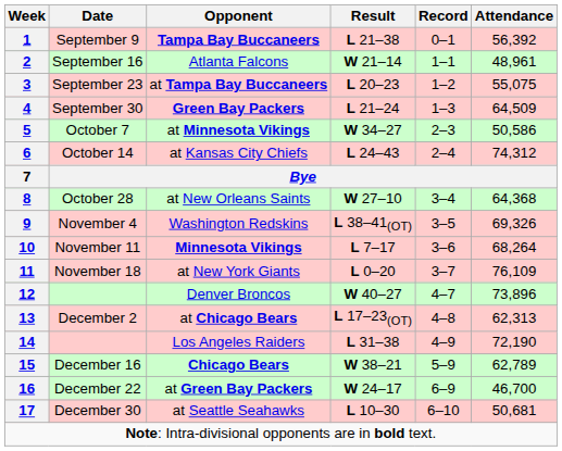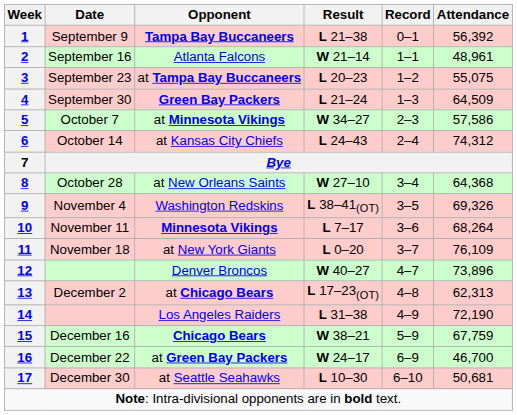 <table class="wikitable"  style="text-align: center;">
 <tr>
 <th>Week</th>
 <th>Date</th>
 <th>Opponent</th>
 <th>Result</th>
 <th>Record</th>
 <th>Attendance</th>
 </tr>
 <tr style="background: #ffcccc;">
 <th><a href='#'>1</a></th>
 <td>September 9</td>
 <td><strong><a href='#'>Tampa Bay Buccaneers</a></strong></td>
 <td><strong>L</strong> 21–38</td>
 <td>0–1</td>
 <td>56,392</td>
 </tr>
 <tr style="background: #ccffcc;">
 <th><a href='#'>2</a></th>
 <td>September 16</td>
 <td><a href='#'>Atlanta Falcons</a></td>
 <td><strong>W</strong> 21–14</td>
 <td>1–1</td>
 <td>48,961</td>
 </tr>
 <tr style="background: #ffcccc;">
 <th><a href='#'>3</a></th>
 <td>September 23</td>
 <td>at <strong><a href='#'>Tampa Bay Buccaneers</a></strong></td>
 <td><strong>L</strong> 20–23</td>
 <td>1–2</td>
 <td>55,075</td>
 </tr>
 <tr style="background: #ffcccc;">
 <th><a href='#'>4</a></th>
 <td>September 30</td>
 <td><strong><a href='#'>Green Bay Packers</a></strong></td>
 <td><strong>L</strong> 21–24</td>
 <td>1–3</td>
 <td>64,509</td>
 </tr>
 <tr style="background: #ccffcc;">
 <th><a href='#'>5</a></th>
 <td>October 7</td>
 <td>at <strong><a href='#'>Minnesota Vikings</a></strong></td>
 <td><strong>W</strong> 34–27</td>
 <td>2–3</td>
-<td>50,586</td>
+<td>57,586</td>
 </tr>
 <tr style="background: #ffcccc;">
 <th><a href='#'>6</a></th>
 <td>October 14</td>
 <td>at <a href='#'>Kansas City Chiefs</a></td>
 <td><strong>L</strong> 24–43</td>
 <td>2–4</td>
 <td>74,312</td>
 </tr>
 <tr>
 <th>7</th>
 <th colspan="5"><em><a href='#'>Bye</a></em></th>
 </tr>
 <tr style="background: #ccffcc;">
 <th><a href='#'>8</a></th>
 <td>October 28</td>
 <td>at <a href='#'>New Orleans Saints</a></td>
 <td><strong>W</strong> 27–10</td>
 <td>3–4</td>
 <td>64,368</td>
 </tr>
 <tr style="background: #ffcccc;">
 <th><a href='#'>9</a></th>
 <td>November 4</td>
 <td><a href='#'>Washington Redskins</a></td>
 <td><strong>L</strong> 38–41<sub>(OT)</sub></td>
 <td>3–5</td>
 <td>69,326</td>
 </tr>
 <tr style="background: #ffcccc;">
 <th><a href='#'>10</a></th>
 <td>November 11</td>
 <td><strong><a href='#'>Minnesota Vikings</a></strong></td>
 <td><strong>L</strong> 7–17</td>
 <td>3–6</td>
 <td>68,264</td>
 </tr>
 <tr style="background: #ffcccc;">
 <th><a href='#'>11</a></th>
 <td>November 18</td>
 <td>at <a href='#'>New York Giants</a></td>
 <td><strong>L</strong> 0–20</td>
 <td>3–7</td>
 <td>76,109</td>
 </tr>
 <tr style="background: #ccffcc;">
 <th><a href='#'>12</a></th>
 <td></td>
 <td><a href='#'>Denver Broncos</a></td>
 <td><strong>W</strong> 40–27</td>
 <td>4–7</td>
 <td>73,896</td>
 </tr>
 <tr style="background: #ffcccc;">
 <th><a href='#'>13</a></th>
 <td>December 2</td>
 <td>at <strong><a href='#'>Chicago Bears</a></strong></td>
 <td><strong>L</strong> 17–23<sub>(OT)</sub></td>
 <td>4–8</td>
 <td>62,313</td>
 </tr>
 <tr style="background: #ffcccc;">
 <th><a href='#'>14</a></th>
 <td></td>
 <td><a href='#'>Los Angeles Raiders</a></td>
 <td><strong>L</strong> 31–38</td>
 <td>4–9</td>
 <td>72,190</td>
 </tr>
 <tr style="background: #ccffcc;">
 <th><a href='#'>15</a></th>
 <td>December 16</td>
 <td><strong><a href='#'>Chicago Bears</a></strong></td>
 <td><strong>W</strong> 38–21</td>
 <td>5–9</td>
-<td>62,789</td>
+<td>67,759</td>
 </tr>
 <tr style="background: #ccffcc;">
 <th><a href='#'>16</a></th>
 <td>December 22</td>
 <td>at <strong><a href='#'>Green Bay Packers</a></strong></td>
 <td><strong>W</strong> 24–17</td>
 <td>6–9</td>
 <td>46,700</td>
 </tr>
 <tr style="background: #ffcccc;">
 <th><a href='#'>17</a></th>
 <td>December 30</td>
 <td>at <a href='#'>Seattle Seahawks</a></td>
 <td><strong>L</strong> 10–30</td>
 <td>6–10</td>
 <td>50,681</td>
 </tr>
 <tr>
 <td colspan="6"><strong>Note</strong>: Intra-divisional opponents are in <strong>bold</strong> text.</td>
 </tr>
 </table>
